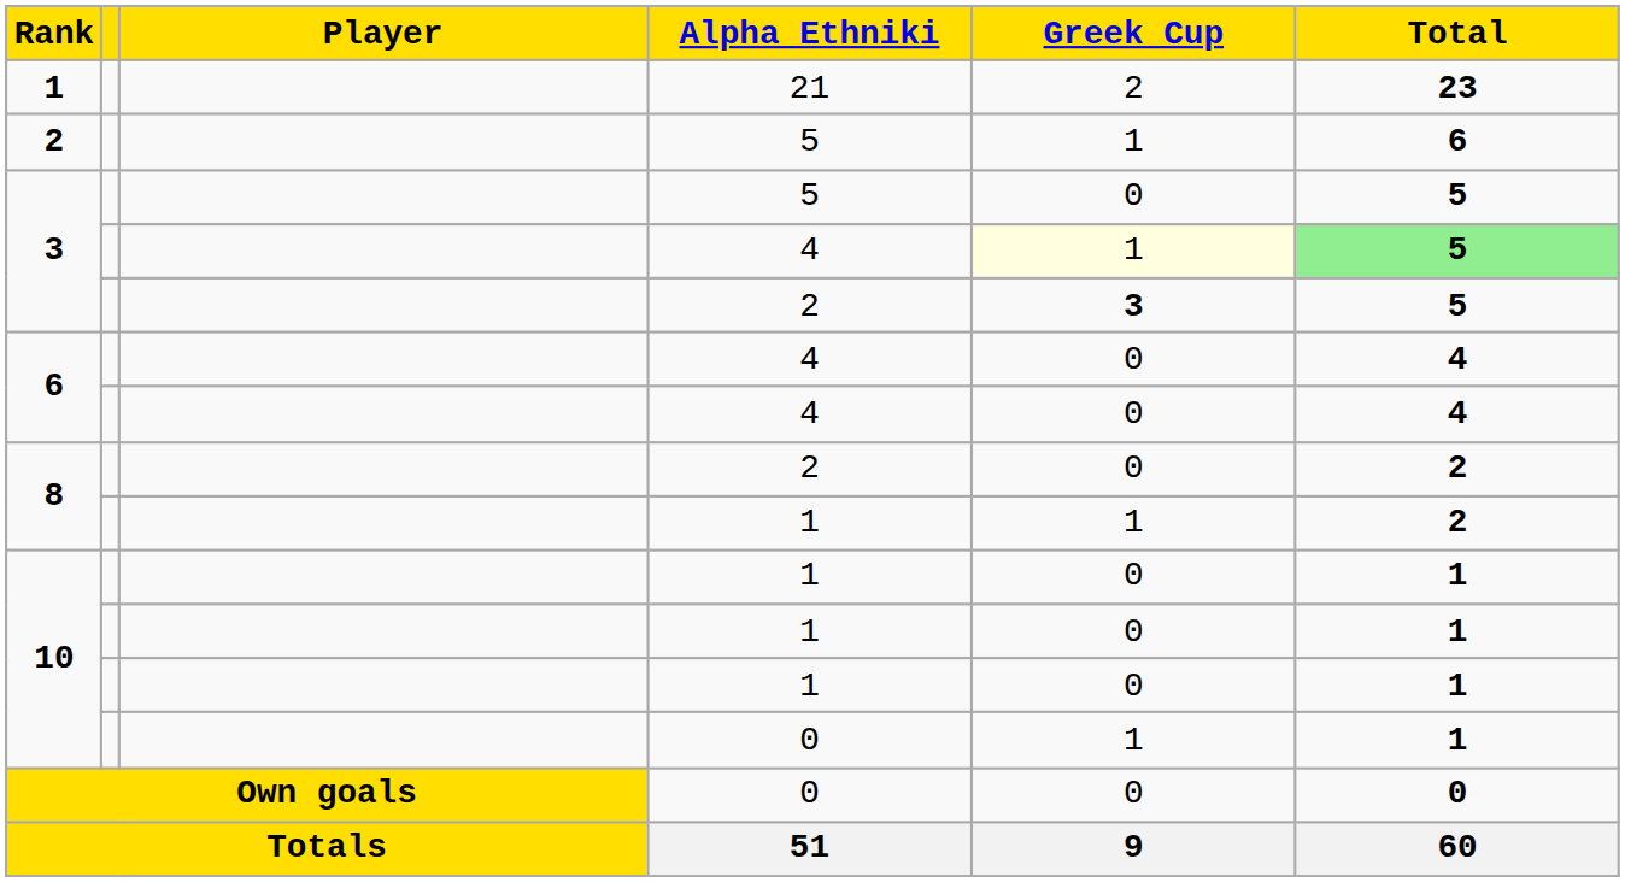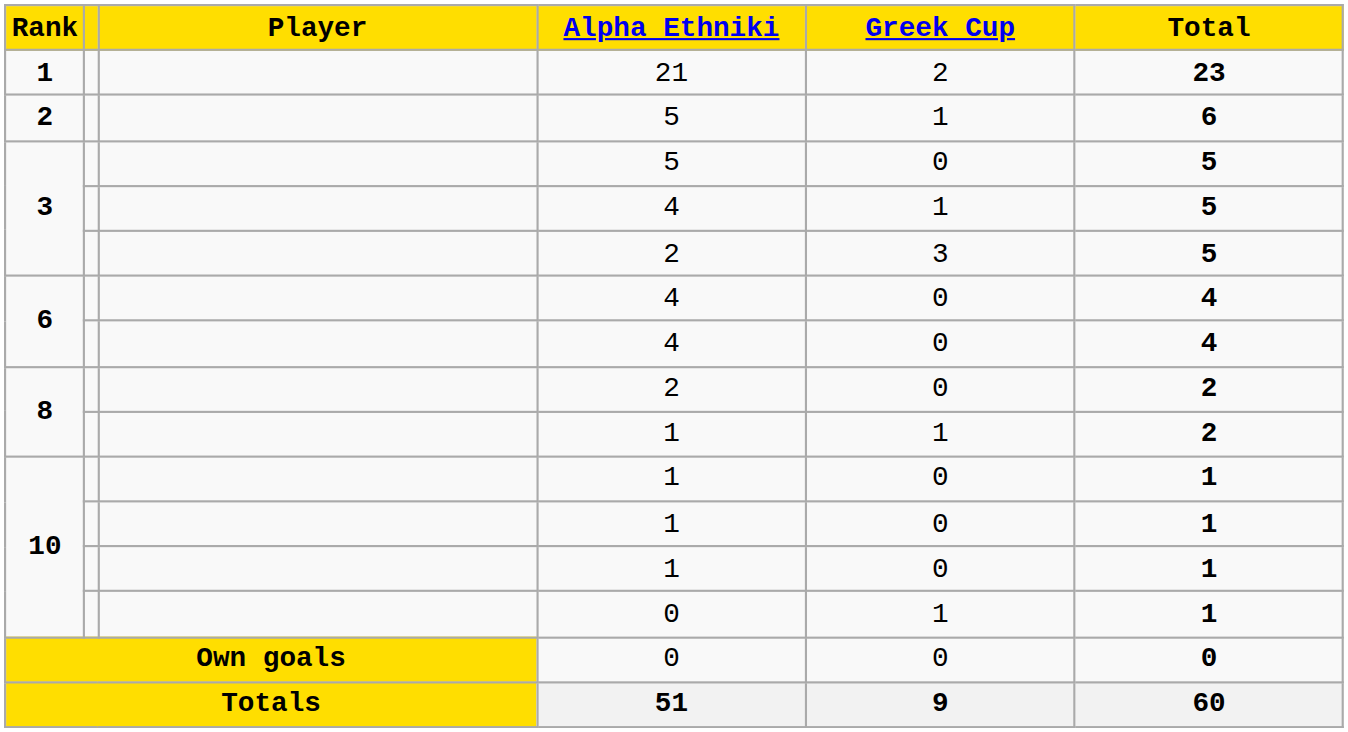 <table class="wikitable sortable" style="text-align: center">
 <tr>
 <th style="background:#FFDE00">Rank</th>
 <th style="background:#FFDE00"></th>
 <th width=200 style="background:#FFDE00">Player</th>
 <th width=120 style="background:#FFDE00"><a href='#'>Alpha Ethniki</a></th>
 <th width=120 style="background:#FFDE00"><a href='#'>Greek Cup</a></th>
 <th width=120 style="background:#FFDE00">Total</th>
 </tr>
 <tr>
 <td><strong>1</strong></td>
 <td></td>
 <td align=left></td>
 <td>21</td>
 <td>2</td>
 <td><strong>23</strong></td>
 </tr>
 <tr>
 <td><strong>2</strong></td>
 <td></td>
 <td align=left></td>
 <td>5</td>
 <td>1</td>
 <td><strong>6</strong></td>
 </tr>
 <tr>
 <td rowspan=3><strong>3</strong></td>
 <td></td>
 <td align=left></td>
 <td>5</td>
 <td>0</td>
 <td><strong>5</strong></td>
 </tr>
 <tr>
 <td></td>
 <td align=left></td>
 <td>4</td>
-<td style="background: lightyellow;">1</td>
-<td style="background: lightgreen;"><strong>5</strong></td>
+<td>1</td>
+<td><strong>5</strong></td>
 </tr>
 <tr>
 <td></td>
 <td align=left></td>
 <td>2</td>
-<td><strong>3</strong></td>
+<td>3</td>
 <td><strong>5</strong></td>
 </tr>
 <tr>
 <td rowspan=2><strong>6</strong></td>
 <td></td>
 <td align=left></td>
 <td>4</td>
 <td>0</td>
 <td><strong>4</strong></td>
 </tr>
 <tr>
 <td></td>
 <td align=left></td>
 <td>4</td>
 <td>0</td>
 <td><strong>4</strong></td>
 </tr>
 <tr>
 <td rowspan=2><strong>8</strong></td>
 <td></td>
 <td align=left></td>
 <td>2</td>
 <td>0</td>
 <td><strong>2</strong></td>
 </tr>
 <tr>
 <td></td>
 <td align=left></td>
 <td>1</td>
 <td>1</td>
 <td><strong>2</strong></td>
 </tr>
 <tr>
 <td rowspan=4><strong>10</strong></td>
 <td></td>
 <td align=left></td>
 <td>1</td>
 <td>0</td>
 <td><strong>1</strong></td>
 </tr>
 <tr>
 <td></td>
 <td align=left></td>
 <td>1</td>
 <td>0</td>
 <td><strong>1</strong></td>
 </tr>
 <tr>
 <td></td>
 <td align=left></td>
 <td>1</td>
 <td>0</td>
 <td><strong>1</strong></td>
 </tr>
 <tr>
 <td></td>
 <td align=left></td>
 <td>0</td>
 <td>1</td>
 <td><strong>1</strong></td>
 </tr>
 <tr class="sortbottom">
 <td colspan=3 style="background:#FFDE00"><strong>Own goals</strong></td>
 <td>0</td>
 <td>0</td>
 <td><strong>0</strong></td>
 </tr>
 <tr class="sortbottom">
 <th colspan=3 style="background:#FFDE00"><strong>Totals</strong></th>
 <th><strong>51</strong></th>
 <th><strong> 9</strong></th>
 <th><strong>60</strong></th>
 </tr>
 </table>
